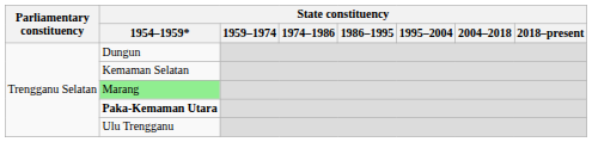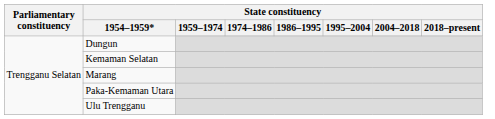 <table class="wikitable">
 <tr>
 <th rowspan="2">Parliamentary<br>constituency</th>
 <th colspan="7">State constituency</th>
 </tr>
 <tr>
 <th>1954–1959*</th>
 <th>1959–1974</th>
 <th>1974–1986</th>
 <th>1986–1995</th>
 <th>1995–2004</th>
 <th>2004–2018</th>
 <th>2018–present</th>
 </tr>
 <tr>
 <td rowspan="5">Trengganu Selatan</td>
 <td>Dungun</td>
 <td colspan="6" bgcolor="dcdcdc"></td>
 </tr>
 <tr>
 <td>Kemaman Selatan</td>
 <td colspan="6" bgcolor="dcdcdc"></td>
 </tr>
 <tr>
-<td style="background: lightgreen;">Marang</td>
+<td>Marang</td>
 <td colspan="6" bgcolor="dcdcdc"></td>
 </tr>
 <tr>
-<td><strong>Paka-Kemaman Utara</strong></td>
+<td>Paka-Kemaman Utara</td>
 <td colspan="6" bgcolor="dcdcdc"></td>
 </tr>
 <tr>
 <td>Ulu Trengganu</td>
 <td colspan="6" bgcolor="dcdcdc"></td>
 </tr>
 </table>
